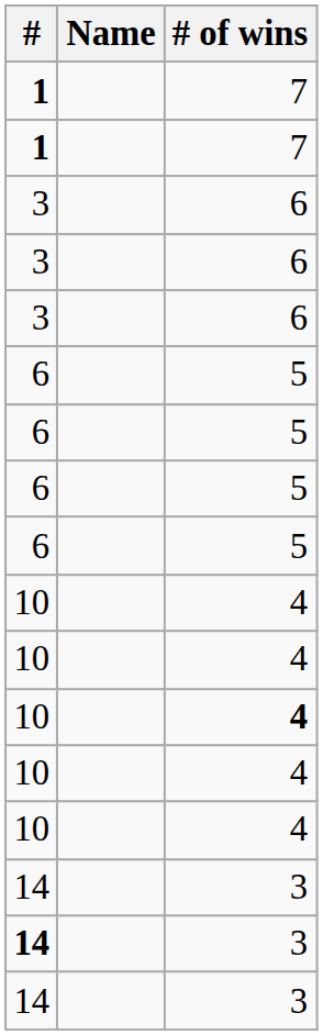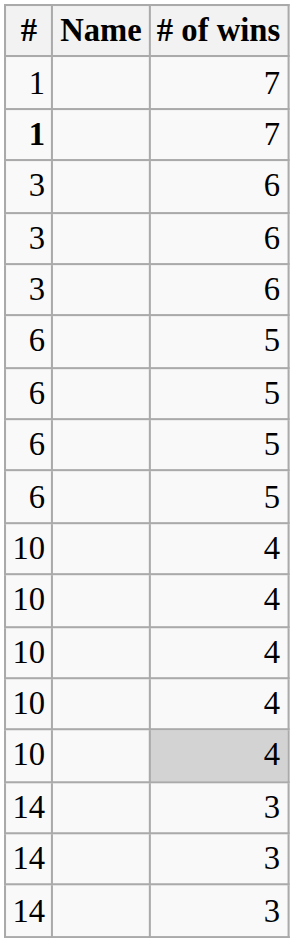 <table class="wikitable" style="text-align: left;">
 <tr>
 <th>#</th>
 <th>Name</th>
 <th># of wins</th>
 </tr>
 <tr>
-<td style="text-align:right"><strong>1</strong></td>
+<td style="text-align:right">1</td>
 <td> </td>
 <td style="text-align:right">7</td>
 </tr>
 <tr>
 <td style="text-align:right"><strong>1</strong></td>
 <td> </td>
 <td style="text-align:right">7</td>
 </tr>
 <tr>
 <td style="text-align:right">3</td>
 <td> </td>
 <td style="text-align:right">6</td>
 </tr>
 <tr>
 <td style="text-align:right">3</td>
 <td> </td>
 <td style="text-align:right">6</td>
 </tr>
 <tr>
 <td style="text-align:right">3</td>
 <td> </td>
 <td style="text-align:right">6</td>
 </tr>
 <tr>
 <td style="text-align:right">6</td>
 <td> </td>
 <td style="text-align:right">5</td>
 </tr>
 <tr>
 <td style="text-align:right">6</td>
 <td> </td>
 <td style="text-align:right">5</td>
 </tr>
 <tr>
 <td style="text-align:right">6</td>
 <td> </td>
 <td style="text-align:right">5</td>
 </tr>
 <tr>
 <td style="text-align:right">6</td>
 <td> </td>
 <td style="text-align:right">5</td>
 </tr>
 <tr>
 <td style="text-align:right">10</td>
 <td> </td>
 <td style="text-align:right">4</td>
 </tr>
 <tr>
 <td style="text-align:right">10</td>
 <td> </td>
 <td style="text-align:right">4</td>
 </tr>
 <tr>
 <td style="text-align:right">10</td>
 <td> </td>
-<td style="text-align:right"><strong>4</strong></td>
+<td style="text-align:right">4</td>
 </tr>
 <tr>
 <td style="text-align:right">10</td>
 <td> </td>
 <td style="text-align:right">4</td>
 </tr>
 <tr>
 <td style="text-align:right">10</td>
 <td> </td>
-<td style="text-align:right">4</td>
+<td style="background: lightgrey; text-align:right">4</td>
 </tr>
 <tr>
 <td style="text-align:right">14</td>
 <td> </td>
 <td style="text-align:right">3</td>
 </tr>
 <tr>
-<td style="text-align:right"><strong>14</strong></td>
+<td style="text-align:right">14</td>
 <td> </td>
 <td style="text-align:right">3</td>
 </tr>
 <tr>
 <td style="text-align:right">14</td>
 <td> </td>
 <td style="text-align:right">3</td>
 </tr>
 <tr>
 </tr>
 </table>
